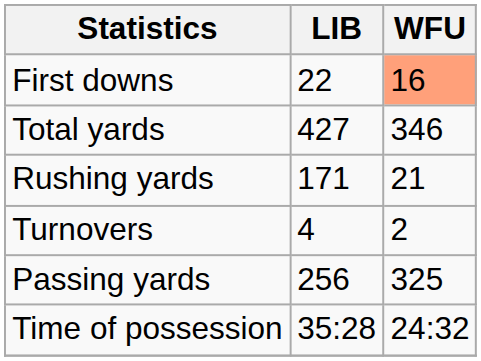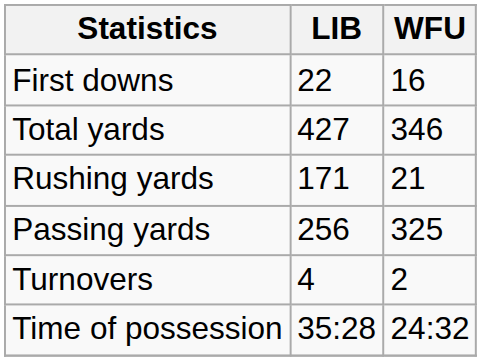 <table class="wikitable">
 <tr>
 <th>Statistics</th>
 <th>LIB</th>
 <th>WFU</th>
 </tr>
 <tr>
 <td>First downs</td>
 <td>22</td>
-<td style="background: lightsalmon;">16</td>
+<td>16</td>
 </tr>
 <tr>
 <td>Total yards</td>
 <td>427</td>
 <td>346</td>
 </tr>
 <tr>
 <td>Rushing yards</td>
 <td>171</td>
 <td>21</td>
 </tr>
 <tr>
+<td>Passing yards</td>
+<td>256</td>
+<td>325</td>
+</tr>
+<tr>
 <td>Turnovers</td>
 <td>4</td>
 <td>2</td>
-</tr>
-<tr>
-<td>Passing yards</td>
-<td>256</td>
-<td>325</td>
 </tr>
 <tr>
 <td>Time of possession</td>
 <td>35:28</td>
 <td>24:32</td>
 </tr>
 <tr>
 </tr>
 </table>
